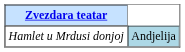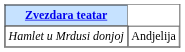 <table border="1" cellpadding="4" cellspacing="0">
 <tr bgcolor="#C6E2FF">
 <th><strong><a href='#'>Zvezdara teatar</a></strong></th>
 </tr>
 <tr>
 <td><em>Hamlet u Mrdusi donjoj</em></td>
-<td style="background: lightblue;">Andjelija</td>
+<td>Andjelija</td>
 </tr>
 </table>
